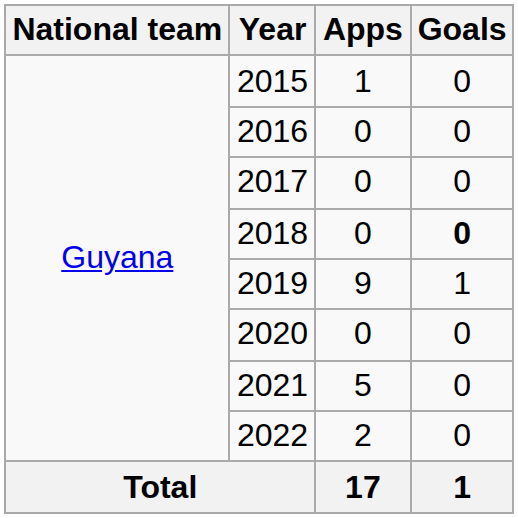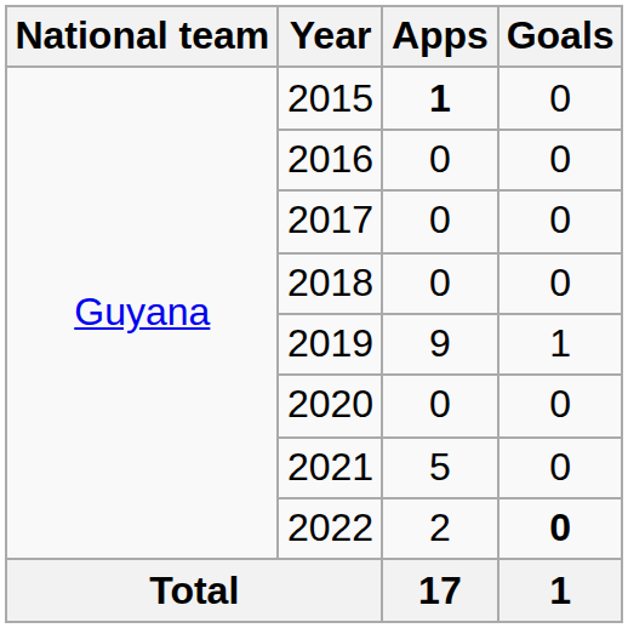 <table class="wikitable" style="text-align:center">
 <tr>
 <th>National team</th>
 <th>Year</th>
 <th>Apps</th>
 <th>Goals</th>
 </tr>
 <tr>
 <td rowspan="8"><a href='#'>Guyana</a></td>
 <td>2015</td>
-<td>1</td>
+<td><strong>1</strong></td>
 <td>0</td>
 </tr>
 <tr>
 <td>2016</td>
 <td>0</td>
 <td>0</td>
 </tr>
 <tr>
 <td>2017</td>
 <td>0</td>
 <td>0</td>
 </tr>
 <tr>
 <td>2018</td>
 <td>0</td>
-<td><strong>0</strong></td>
+<td>0</td>
 </tr>
 <tr>
 <td>2019</td>
 <td>9</td>
 <td>1</td>
 </tr>
 <tr>
 <td>2020</td>
 <td>0</td>
 <td>0</td>
 </tr>
 <tr>
 <td>2021</td>
 <td>5</td>
 <td>0</td>
 </tr>
 <tr>
 <td>2022</td>
 <td>2</td>
-<td>0</td>
+<td><strong>0</strong></td>
 </tr>
 <tr>
 <th colspan="2">Total</th>
 <th>17</th>
 <th>1</th>
 </tr>
 </table>
